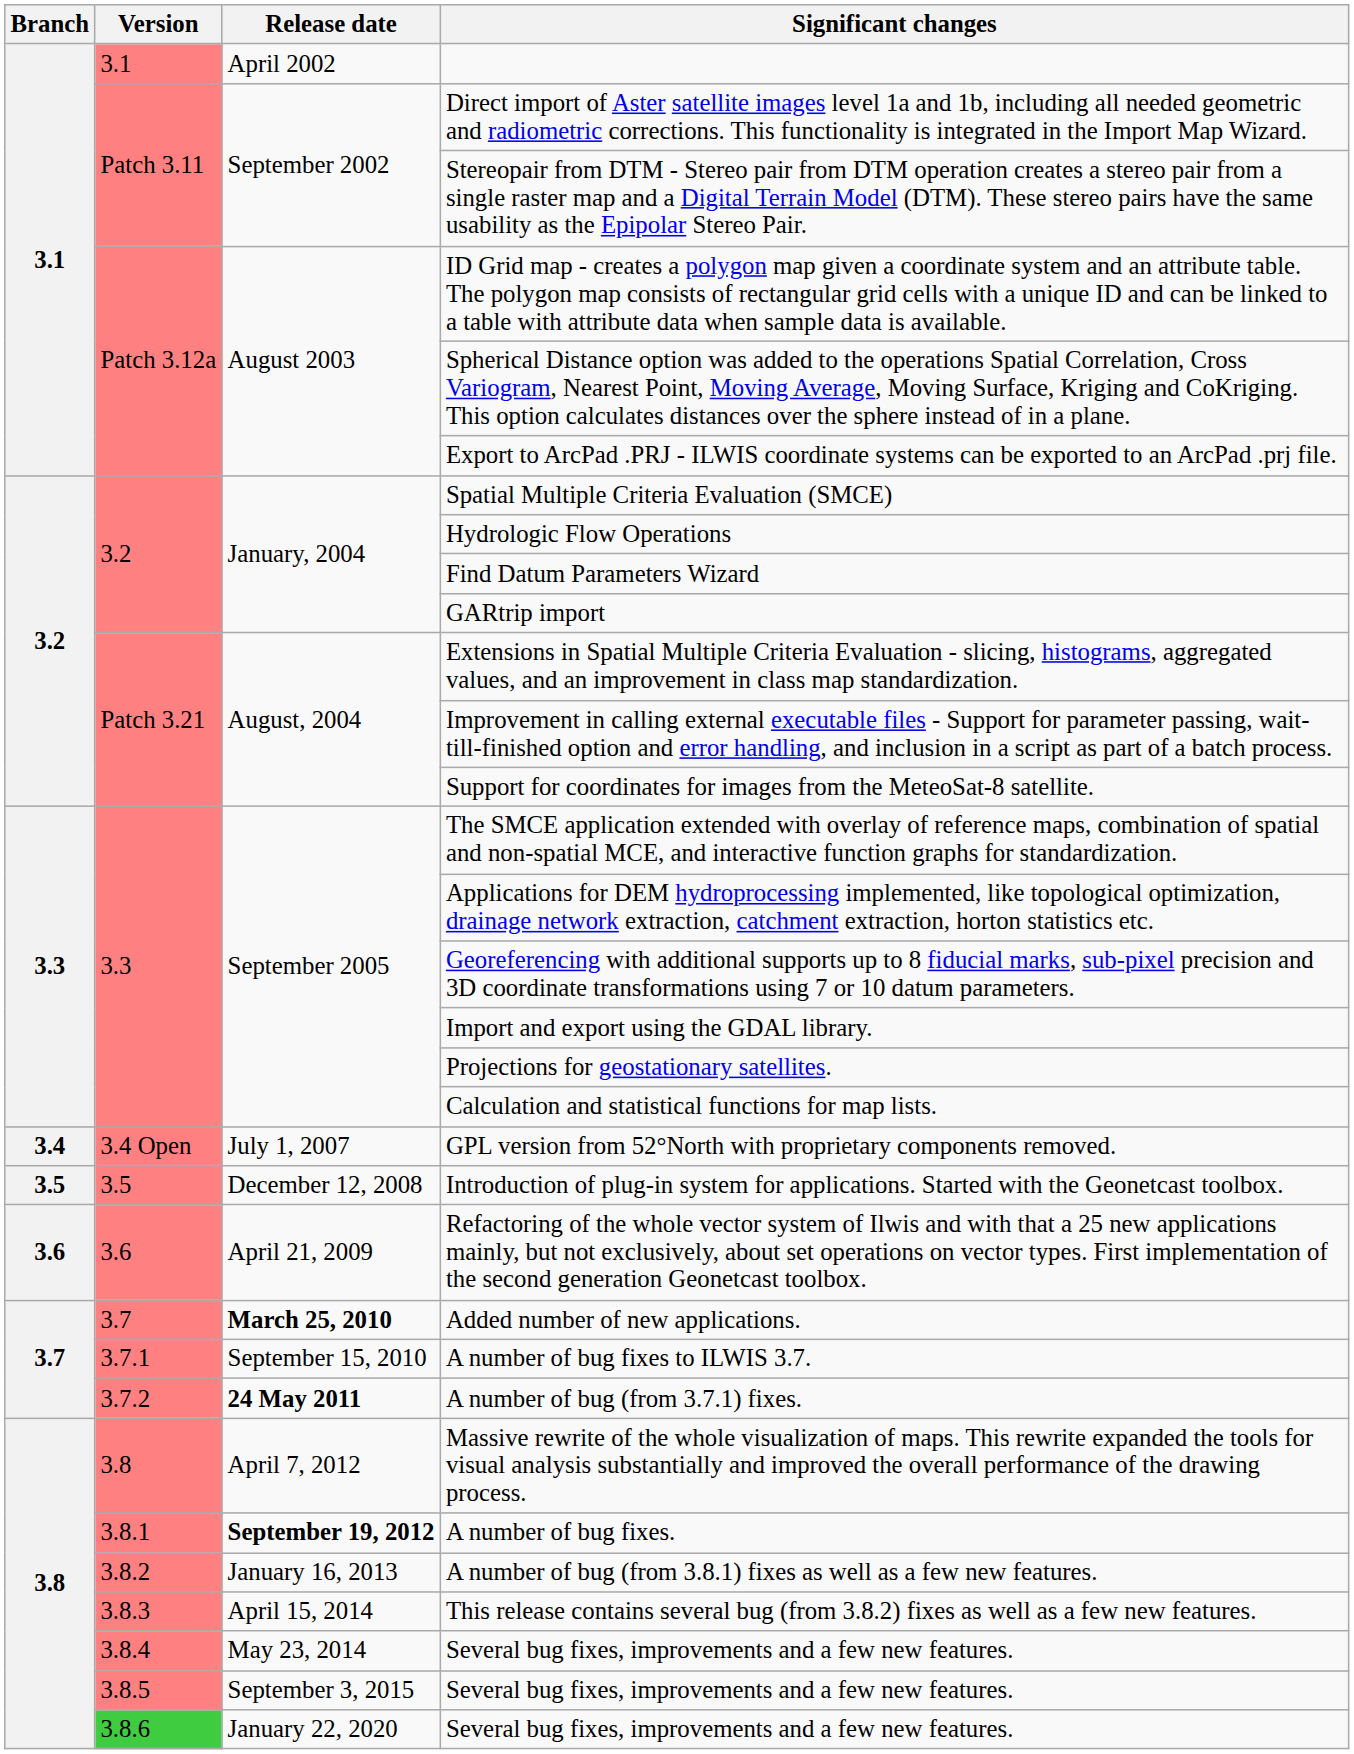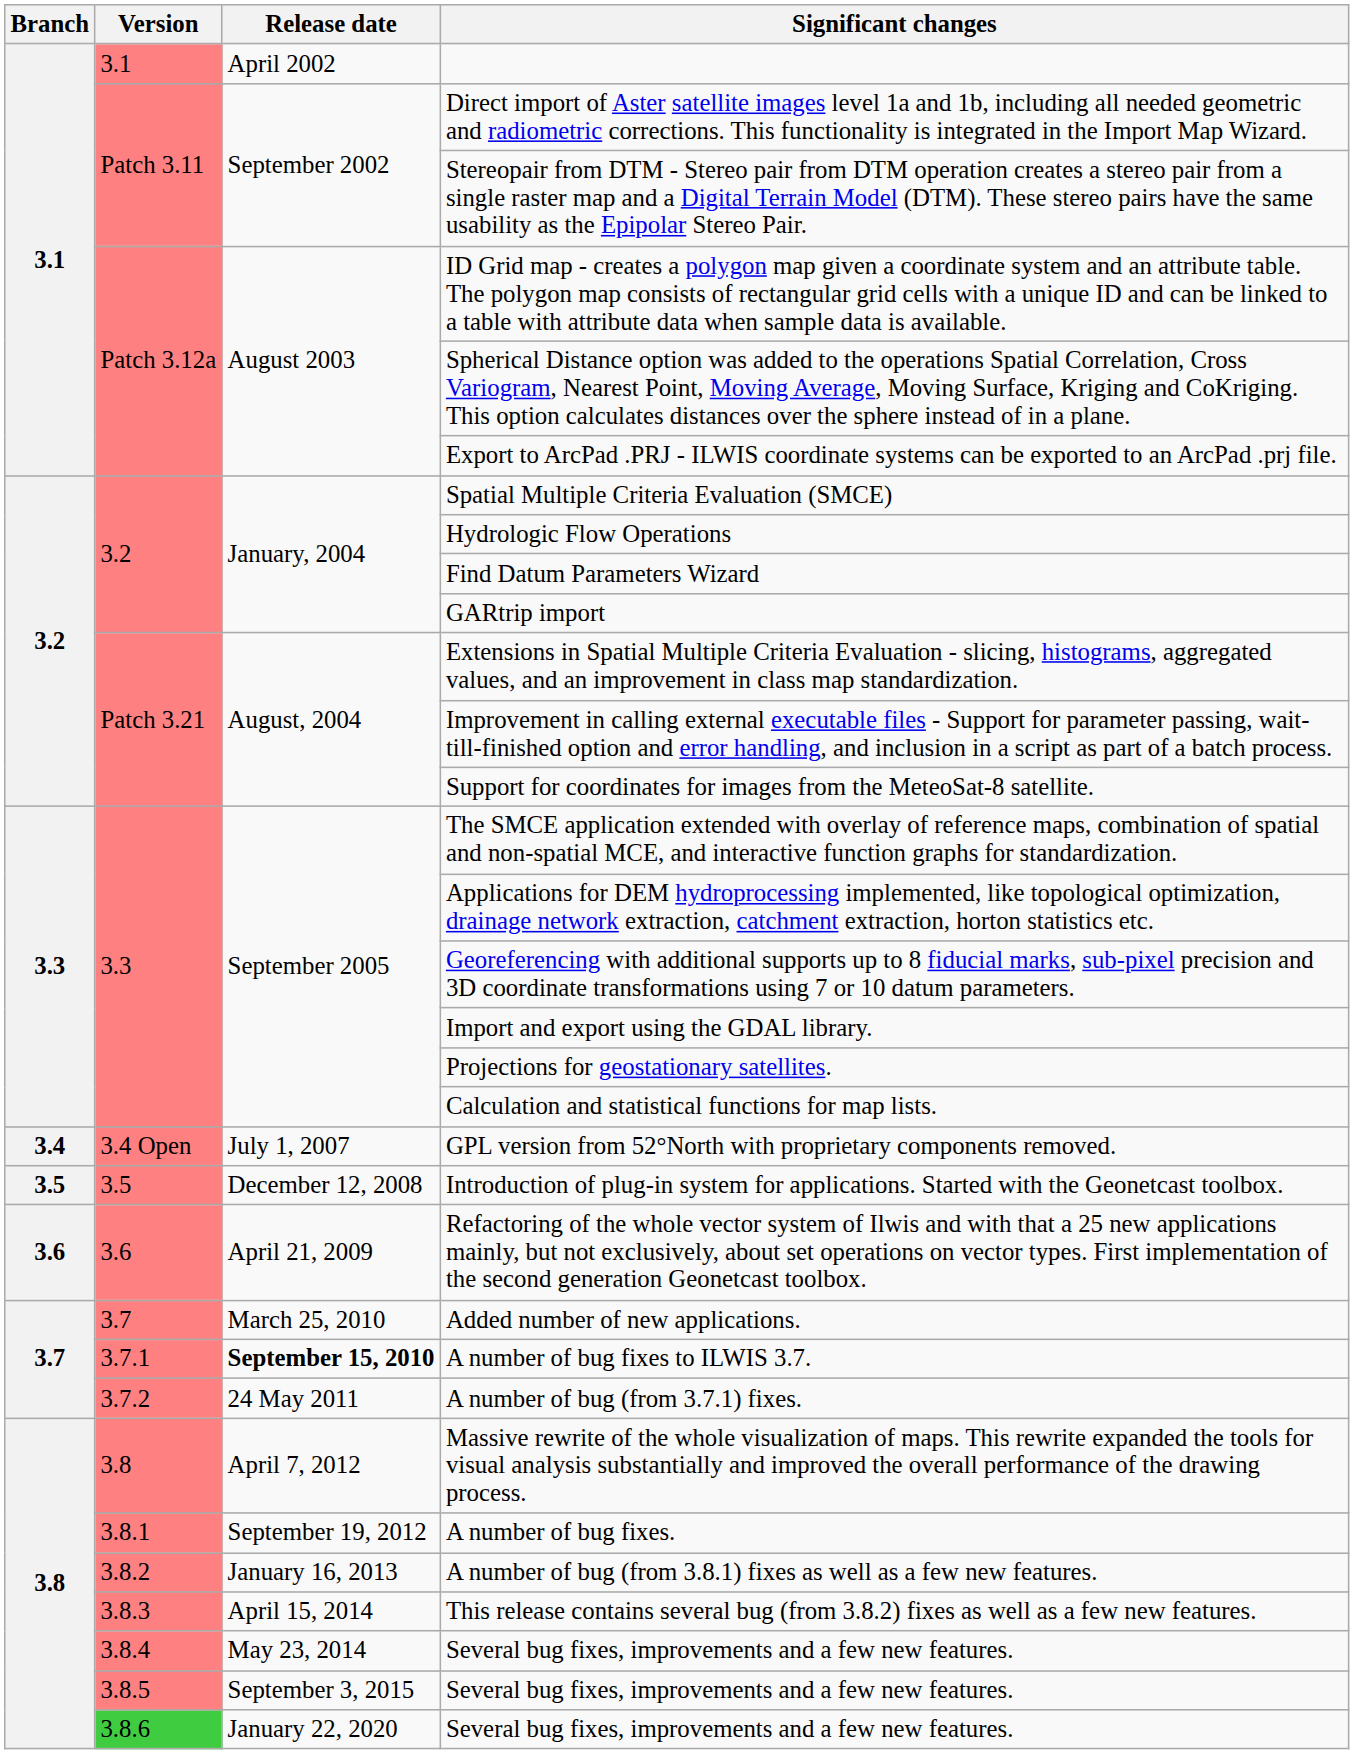 <table class="wikitable">
 <tr>
 <th>Branch</th>
 <th>Version</th>
 <th>Release date</th>
 <th>Significant changes</th>
 </tr>
 <tr>
 <th rowspan="6">3.1</th>
 <td style="white-space: nowrap;background-color:#FF8080;">3.1</td>
 <td style="white-space: nowrap;">April 2002</td>
 <td></td>
 </tr>
 <tr>
 <td rowspan="2" style="white-space: nowrap;background-color:#FF8080;">Patch 3.11</td>
 <td rowspan="2" style="white-space: nowrap;">September 2002</td>
 <td>Direct import of <a href='#'>Aster</a> <a href='#'>satellite images</a> level 1a and 1b, including all needed geometric and <a href='#'>radiometric</a> corrections. This functionality is integrated in the Import Map Wizard.</td>
 </tr>
 <tr>
 <td>Stereopair from DTM - Stereo pair from DTM operation creates a stereo pair from a single raster map and a <a href='#'>Digital Terrain Model</a> (DTM). These stereo pairs have the same usability as the <a href='#'>Epipolar</a> Stereo Pair.</td>
 </tr>
 <tr>
 <td rowspan="3" style="white-space: nowrap;background-color:#FF8080;">Patch 3.12a</td>
 <td rowspan="3" style="white-space: nowrap;">August 2003</td>
 <td>ID Grid map - creates a <a href='#'>polygon</a> map given a coordinate system and an attribute table. The polygon map consists of rectangular grid cells with a unique ID and can be linked to a table with attribute data when sample data is available.</td>
 </tr>
 <tr>
 <td>Spherical Distance option was added to the operations Spatial Correlation, Cross <a href='#'>Variogram</a>, Nearest Point, <a href='#'>Moving Average</a>, Moving Surface, Kriging and CoKriging. This option calculates distances over the sphere instead of in a plane.</td>
 </tr>
 <tr>
 <td>Export to ArcPad .PRJ - ILWIS coordinate systems can be exported to an ArcPad .prj file.</td>
 </tr>
 <tr>
 <th rowspan="7">3.2</th>
 <td rowspan="4" style="white-space: nowrap;background-color:#FF8080;">3.2</td>
 <td rowspan="4" style="white-space: nowrap;">January, 2004</td>
 <td>Spatial Multiple Criteria Evaluation (SMCE)</td>
 </tr>
 <tr>
 <td>Hydrologic Flow Operations</td>
 </tr>
 <tr>
 <td>Find Datum Parameters Wizard</td>
 </tr>
 <tr>
 <td>GARtrip import</td>
 </tr>
 <tr>
 <td rowspan="3" style="white-space: nowrap;background-color:#FF8080;">Patch 3.21</td>
 <td rowspan="3" style="white-space: nowrap;">August, 2004</td>
 <td>Extensions in Spatial Multiple Criteria Evaluation - slicing, <a href='#'>histograms</a>, aggregated values, and an improvement in class map standardization.</td>
 </tr>
 <tr>
 <td>Improvement in calling external <a href='#'>executable files</a> - Support for parameter passing, wait-till-finished option and <a href='#'>error handling</a>, and inclusion in a script as part of a batch process.</td>
 </tr>
 <tr>
 <td>Support for coordinates for images from the MeteoSat-8 satellite.</td>
 </tr>
 <tr>
 <th rowspan="6">3.3</th>
 <td rowspan="6" style="white-space: nowrap;background-color:#FF8080;;">3.3</td>
 <td rowspan="6" style="white-space: nowrap;">September 2005</td>
 <td>The SMCE application extended with overlay of reference maps, combination of spatial and non-spatial MCE, and interactive function graphs for standardization.</td>
 </tr>
 <tr>
 <td>Applications for DEM <a href='#'>hydroprocessing</a> implemented, like topological optimization, <a href='#'>drainage network</a> extraction, <a href='#'>catchment</a> extraction, horton statistics etc.</td>
 </tr>
 <tr>
 <td><a href='#'>Georeferencing</a> with additional supports up to 8 <a href='#'>fiducial marks</a>, <a href='#'>sub-pixel</a> precision and 3D coordinate transformations using 7 or 10 datum parameters.</td>
 </tr>
 <tr>
 <td>Import and export using the GDAL library.</td>
 </tr>
 <tr>
 <td>Projections for <a href='#'>geostationary satellites</a>.</td>
 </tr>
 <tr>
 <td>Calculation and statistical functions for map lists.</td>
 </tr>
 <tr>
 <th>3.4</th>
 <td style="white-space: nowrap;background-color:#FF8080;;">3.4 Open</td>
 <td style="white-space: nowrap;">July 1, 2007</td>
 <td>GPL version from 52°North with proprietary components removed.</td>
 </tr>
 <tr>
 <th>3.5</th>
 <td style="white-space: nowrap;background-color:#FF8080;;">3.5</td>
 <td style="white-space: nowrap;">December 12, 2008</td>
 <td>Introduction of plug-in system for applications. Started with the Geonetcast toolbox.</td>
 </tr>
 <tr>
 <th>3.6</th>
 <td style="white-space: nowrap;background-color:#FF8080;;">3.6</td>
 <td style="white-space: nowrap;">April 21, 2009</td>
 <td>Refactoring of the whole vector system of Ilwis and with that a 25 new applications mainly, but not exclusively, about set operations on vector types. First implementation of the second generation Geonetcast toolbox.</td>
 </tr>
 <tr>
 <th rowspan="3">3.7</th>
 <td style="white-space: nowrap;background-color:#FF8080;">3.7</td>
-<td style="white-space: nowrap;"><strong>March 25, 2010</strong></td>
+<td style="white-space: nowrap;">March 25, 2010</td>
 <td>Added number of new applications.</td>
 </tr>
 <tr>
 <td style="white-space: nowrap;background-color:#FF8080;">3.7.1</td>
-<td style="white-space: nowrap;">September 15, 2010</td>
+<td style="white-space: nowrap;"><strong>September 15, 2010</strong></td>
 <td>A number of bug fixes to ILWIS 3.7.</td>
 </tr>
 <tr>
 <td style="white-space: nowrap;background-color:#FF8080;">3.7.2</td>
-<td style="white-space: nowrap;"><strong>24 May 2011</strong></td>
+<td style="white-space: nowrap;">24 May 2011</td>
 <td>A number of bug (from 3.7.1) fixes.</td>
 </tr>
 <tr>
 <th rowspan="7">3.8</th>
 <td style="white-space: nowrap;background-color:#FF8080;">3.8</td>
 <td style="white-space: nowrap;">April 7, 2012</td>
 <td>Massive rewrite of the whole visualization of maps. This rewrite expanded the tools for visual analysis substantially and improved the overall performance of the drawing process.</td>
 </tr>
 <tr>
 <td style="white-space: nowrap;background-color:#FF8080;">3.8.1</td>
-<td style="white-space: nowrap;"><strong>September 19, 2012</strong></td>
+<td style="white-space: nowrap;">September 19, 2012</td>
 <td>A number of bug fixes.</td>
 </tr>
 <tr>
 <td style="white-space: nowrap;background-color:#FF8080;">3.8.2</td>
 <td style="white-space: nowrap;">January 16, 2013</td>
 <td>A number of bug (from 3.8.1) fixes as well as a few new features.</td>
 </tr>
 <tr>
 <td style="white-space: nowrap;background-color:#FF8080;">3.8.3</td>
 <td style="white-space: nowrap;">April 15, 2014</td>
 <td>This release contains several bug (from 3.8.2) fixes as well as a few new features.</td>
 </tr>
 <tr>
 <td style="white-space: nowrap;background-color:#FF8080;">3.8.4</td>
 <td style="white-space: nowrap;">May 23, 2014</td>
 <td>Several bug fixes, improvements and a few new features.</td>
 </tr>
 <tr>
 <td style="white-space: nowrap;background-color:#FF8080;">3.8.5</td>
 <td style="white-space: nowrap;">September 3, 2015</td>
 <td>Several bug fixes, improvements and a few new features.</td>
 </tr>
 <tr>
 <td style="white-space: nowrap;background-color:#40CC40;">3.8.6</td>
 <td style="white-space: nowrap;">January 22, 2020</td>
 <td>Several bug fixes, improvements and a few new features.</td>
 </tr>
 </table>
